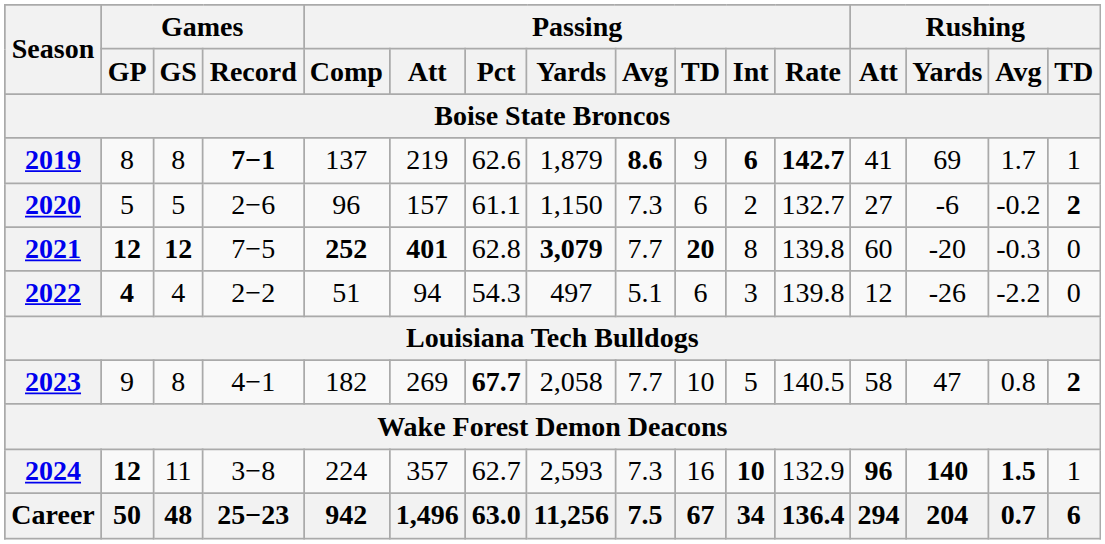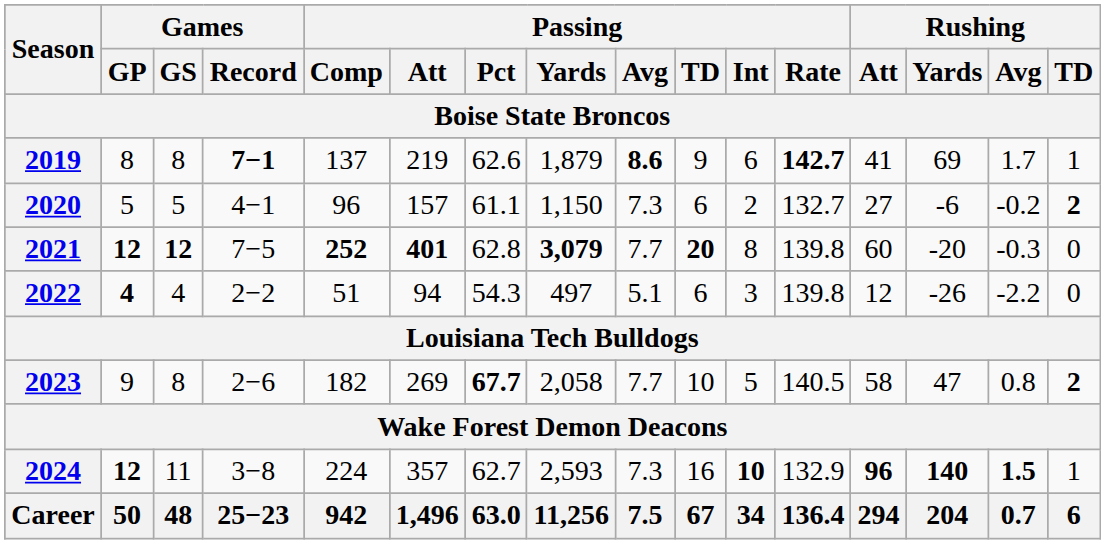 <table class="wikitable" style="text-align:center;">
 <tr>
 <th rowspan="2">Season</th>
 <th colspan="3">Games</th>
 <th colspan="8">Passing</th>
 <th colspan="4">Rushing</th>
 </tr>
 <tr>
 <th>GP</th>
 <th>GS</th>
 <th>Record</th>
 <th>Comp</th>
 <th>Att</th>
 <th>Pct</th>
 <th>Yards</th>
 <th>Avg</th>
 <th>TD</th>
 <th>Int</th>
 <th>Rate</th>
 <th>Att</th>
 <th>Yards</th>
 <th>Avg</th>
 <th>TD</th>
 </tr>
 <tr>
 <th colspan="16">Boise State Broncos</th>
 </tr>
 <tr>
 <th><a href='#'>2019</a></th>
 <td>8</td>
 <td>8</td>
 <td><strong>7−1</strong></td>
 <td>137</td>
 <td>219</td>
 <td>62.6</td>
 <td>1,879</td>
 <td><strong>8.6</strong></td>
 <td>9</td>
-<td><strong>6</strong></td>
+<td>6</td>
 <td><strong>142.7</strong></td>
 <td>41</td>
 <td>69</td>
 <td>1.7</td>
 <td>1</td>
 </tr>
 <tr>
 <th><a href='#'>2020</a></th>
 <td>5</td>
 <td>5</td>
-<td>2−6</td>
+<td>4−1</td>
 <td>96</td>
 <td>157</td>
 <td>61.1</td>
 <td>1,150</td>
 <td>7.3</td>
 <td>6</td>
 <td>2</td>
 <td>132.7</td>
 <td>27</td>
 <td>-6</td>
 <td>-0.2</td>
 <td><strong>2</strong></td>
 </tr>
 <tr>
 <th><a href='#'>2021</a></th>
 <td><strong>12</strong></td>
 <td><strong>12</strong></td>
 <td>7−5</td>
 <td><strong>252</strong></td>
 <td><strong>401</strong></td>
 <td>62.8</td>
 <td><strong>3,079</strong></td>
 <td>7.7</td>
 <td><strong>20</strong></td>
 <td>8</td>
 <td>139.8</td>
 <td>60</td>
 <td>-20</td>
 <td>-0.3</td>
 <td>0</td>
 </tr>
 <tr>
 <th><a href='#'>2022</a></th>
 <td><strong>4</strong></td>
 <td>4</td>
 <td>2−2</td>
 <td>51</td>
 <td>94</td>
 <td>54.3</td>
 <td>497</td>
 <td>5.1</td>
 <td>6</td>
 <td>3</td>
 <td>139.8</td>
 <td>12</td>
 <td>-26</td>
 <td>-2.2</td>
 <td>0</td>
 </tr>
 <tr>
 <th colspan="16">Louisiana Tech Bulldogs</th>
 </tr>
 <tr>
 <th><a href='#'>2023</a></th>
 <td>9</td>
 <td>8</td>
-<td>4−1</td>
+<td>2−6</td>
 <td>182</td>
 <td>269</td>
 <td><strong>67.7</strong></td>
 <td>2,058</td>
 <td>7.7</td>
 <td>10</td>
 <td>5</td>
 <td>140.5</td>
 <td>58</td>
 <td>47</td>
 <td>0.8</td>
 <td><strong>2</strong></td>
 </tr>
 <tr>
 <th colspan="16">Wake Forest Demon Deacons</th>
 </tr>
 <tr>
 <th><a href='#'>2024</a></th>
 <td><strong>12</strong></td>
 <td>11</td>
 <td>3−8</td>
 <td>224</td>
 <td>357</td>
 <td>62.7</td>
 <td>2,593</td>
 <td>7.3</td>
 <td>16</td>
 <td><strong>10</strong></td>
 <td>132.9</td>
 <td><strong>96</strong></td>
 <td><strong>140</strong></td>
 <td><strong>1.5</strong></td>
 <td>1</td>
 </tr>
 <tr>
 <th>Career</th>
 <th>50</th>
 <th>48</th>
 <th>25−23</th>
 <th>942</th>
 <th>1,496</th>
 <th>63.0</th>
 <th>11,256</th>
 <th>7.5</th>
 <th>67</th>
 <th>34</th>
 <th>136.4</th>
 <th>294</th>
 <th>204</th>
 <th>0.7</th>
 <th>6</th>
 </tr>
 </table>
